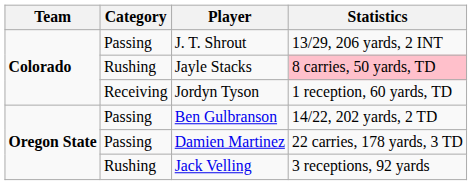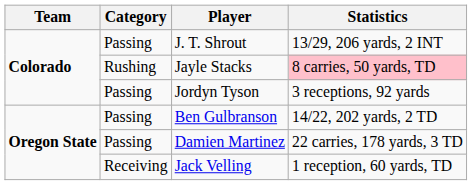 <table class="wikitable" style="float: right;">
 <tr>
 <th>Team</th>
 <th>Category</th>
 <th>Player</th>
 <th>Statistics</th>
 </tr>
 <tr>
 <td rowspan=3><strong>Colorado</strong></td>
 <td>Passing</td>
 <td>J. T. Shrout</td>
 <td>13/29, 206 yards, 2 INT</td>
 </tr>
 <tr>
 <td>Rushing</td>
 <td>Jayle Stacks</td>
 <td style="background: pink;">8 carries, 50 yards, TD</td>
 </tr>
 <tr>
-<td>Receiving</td>
+<td>Passing</td>
 <td>Jordyn Tyson</td>
-<td>1 reception, 60 yards, TD</td>
+<td>3 receptions, 92 yards</td>
 </tr>
 <tr>
 <td rowspan=3><strong>Oregon State</strong></td>
 <td>Passing</td>
 <td><a href='#'>Ben Gulbranson</a></td>
 <td>14/22, 202 yards, 2 TD</td>
 </tr>
 <tr>
 <td>Passing</td>
 <td><a href='#'>Damien Martinez</a></td>
 <td>22 carries, 178 yards, 3 TD</td>
 </tr>
 <tr>
-<td>Rushing</td>
+<td>Receiving</td>
 <td><a href='#'>Jack Velling</a></td>
-<td>3 receptions, 92 yards</td>
+<td>1 reception, 60 yards, TD</td>
 </tr>
 </table>
